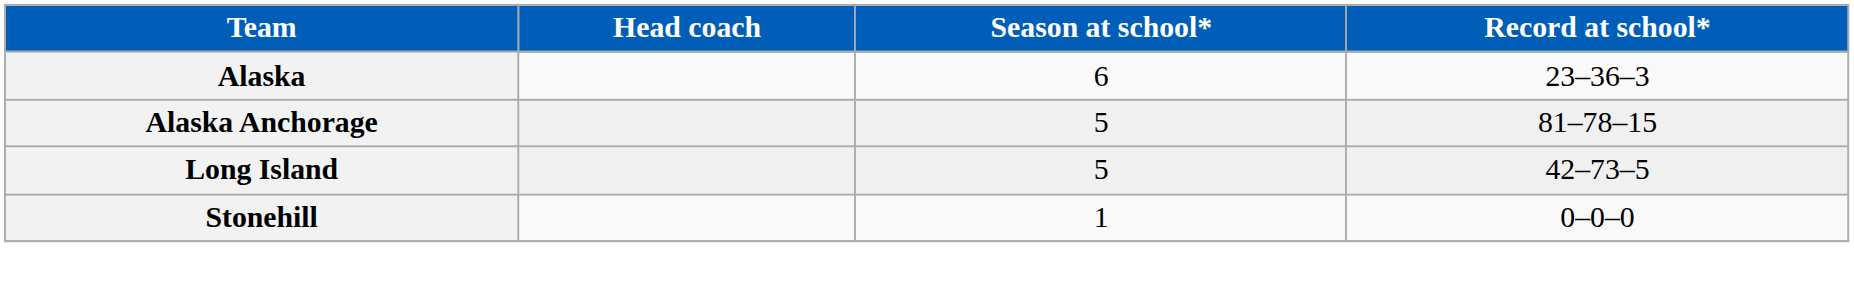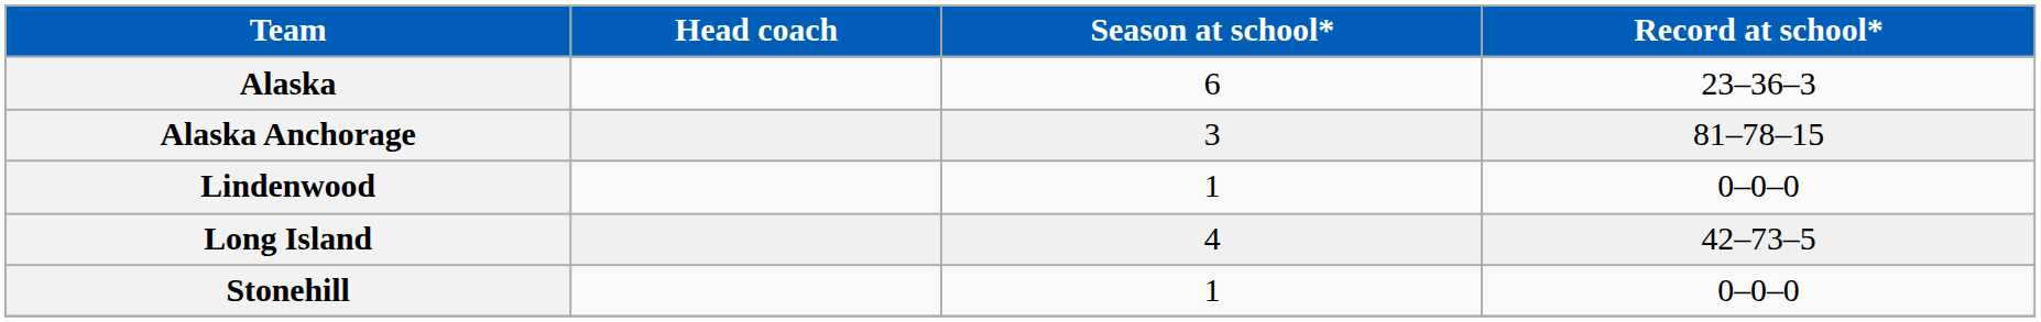 <table class="wikitable sortable" style="text-align: center; "width=50%">
 <tr>
 <th style="color:white; background:#005EB8">Team</th>
 <th style="color:white; background:#005EB8">Head coach</th>
 <th style="color:white; background:#005EB8">Season at school*</th>
 <th style="color:white; background:#005EB8">Record at school*</th>
 </tr>
 <tr>
 <th>Alaska</th>
 <td></td>
 <td>6</td>
 <td>23–36–3</td>
 </tr>
 <tr bgcolor=f0f0f0>
 <th>Alaska Anchorage</th>
 <td></td>
-<td>5</td>
+<td>3</td>
 <td>81–78–15</td>
+</tr>
+<tr>
+<th>Lindenwood</th>
+<td></td>
+<td>1</td>
+<td>0–0–0</td>
 </tr>
 <tr bgcolor=f0f0f0>
 <th>Long Island</th>
 <td></td>
-<td>5</td>
+<td>4</td>
 <td>42–73–5</td>
 </tr>
 <tr>
 <th>Stonehill</th>
 <td></td>
 <td>1</td>
 <td>0–0–0</td>
 </tr>
 <tr>
 </tr>
 </table>
